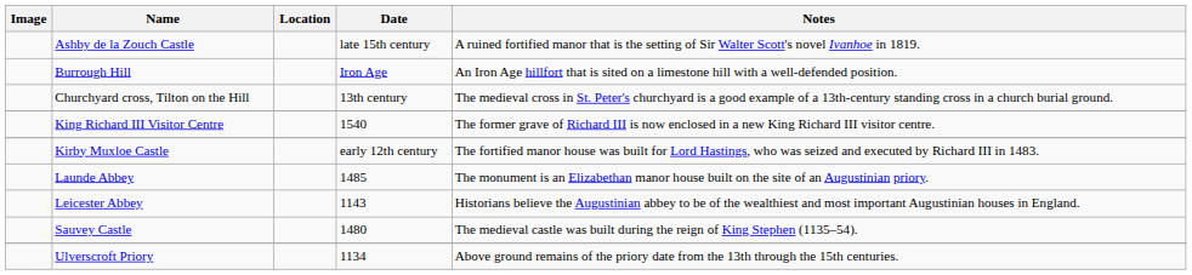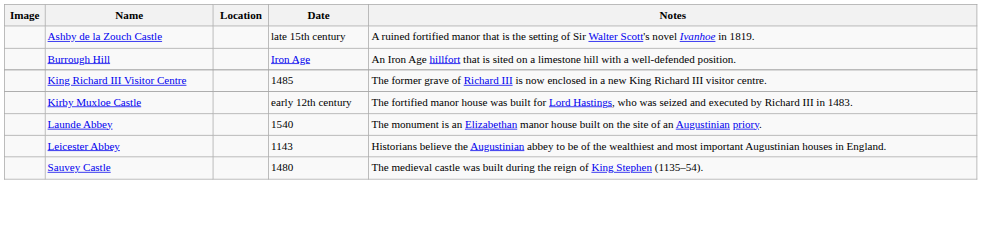 <table class="wikitable sortable" style="font-size: 90%;width:100%;border:0px;text-align:left;line-height:150%;">
 <tr>
 <th class="unsortable">Image</th>
 <th>Name</th>
 <th>Location</th>
 <th>Date</th>
 <th class="unsortable">Notes</th>
 </tr>
 <tr>
 <td></td>
 <td><a href='#'>Ashby de la Zouch Castle</a></td>
 <td></td>
 <td>late 15th century</td>
 <td>A ruined fortified manor that is the setting of Sir <a href='#'>Walter Scott</a>'s novel <em><a href='#'>Ivanhoe</a></em> in 1819.</td>
 </tr>
 <tr>
 <td></td>
 <td><a href='#'>Burrough Hill</a></td>
 <td></td>
 <td><a href='#'>Iron Age</a></td>
 <td>An Iron Age <a href='#'>hillfort</a> that is sited on a limestone hill with a well-defended position.</td>
 </tr>
 <tr>
-<td></td>
-<td>Churchyard cross, Tilton on the Hill</td>
-<td></td>
-<td>13th century</td>
-<td>The medieval cross in <a href='#'>St. Peter's</a> churchyard is a good example of a 13th-century standing cross in a church burial ground.</td>
-</tr>
-<tr>
 </tr>
 <tr>
 <td></td>
 <td><a href='#'>King Richard III Visitor Centre</a></td>
 <td><br></td>
-<td>1540</td>
+<td>1485</td>
 <td>The former grave of <a href='#'>Richard III</a> is now enclosed in a new King Richard III visitor centre.</td>
 </tr>
 <tr>
 </tr>
 <tr>
 <td></td>
 <td><a href='#'>Kirby Muxloe Castle</a></td>
 <td></td>
 <td>early 12th century</td>
 <td>The fortified manor house was built for <a href='#'> Lord Hastings</a>, who was seized and executed by Richard III in 1483.</td>
 </tr>
 <tr>
 <td></td>
 <td><a href='#'>Launde Abbey</a></td>
 <td></td>
-<td>1485</td>
+<td>1540</td>
 <td>The monument is an <a href='#'>Elizabethan</a> manor house built on the site of an <a href='#'>Augustinian</a> <a href='#'>priory</a>.</td>
 </tr>
 <tr>
 <td></td>
 <td><a href='#'>Leicester Abbey</a></td>
 <td></td>
 <td>1143</td>
 <td>Historians believe the <a href='#'>Augustinian</a> abbey to be of the wealthiest and most important Augustinian houses in England.</td>
 </tr>
 <tr>
 <td></td>
 <td><a href='#'>Sauvey Castle</a></td>
 <td></td>
 <td>1480</td>
 <td>The medieval castle was built during the reign of <a href='#'>King Stephen</a> (1135–54).</td>
 </tr>
 <tr>
 </tr>
 <tr>
-<td></td>
-<td><a href='#'>Ulverscroft Priory</a></td>
-<td></td>
-<td>1134</td>
-<td>Above ground remains of the priory date from the 13th through the 15th centuries.</td>
-</tr>
-<tr>
 </tr>
 </table>
